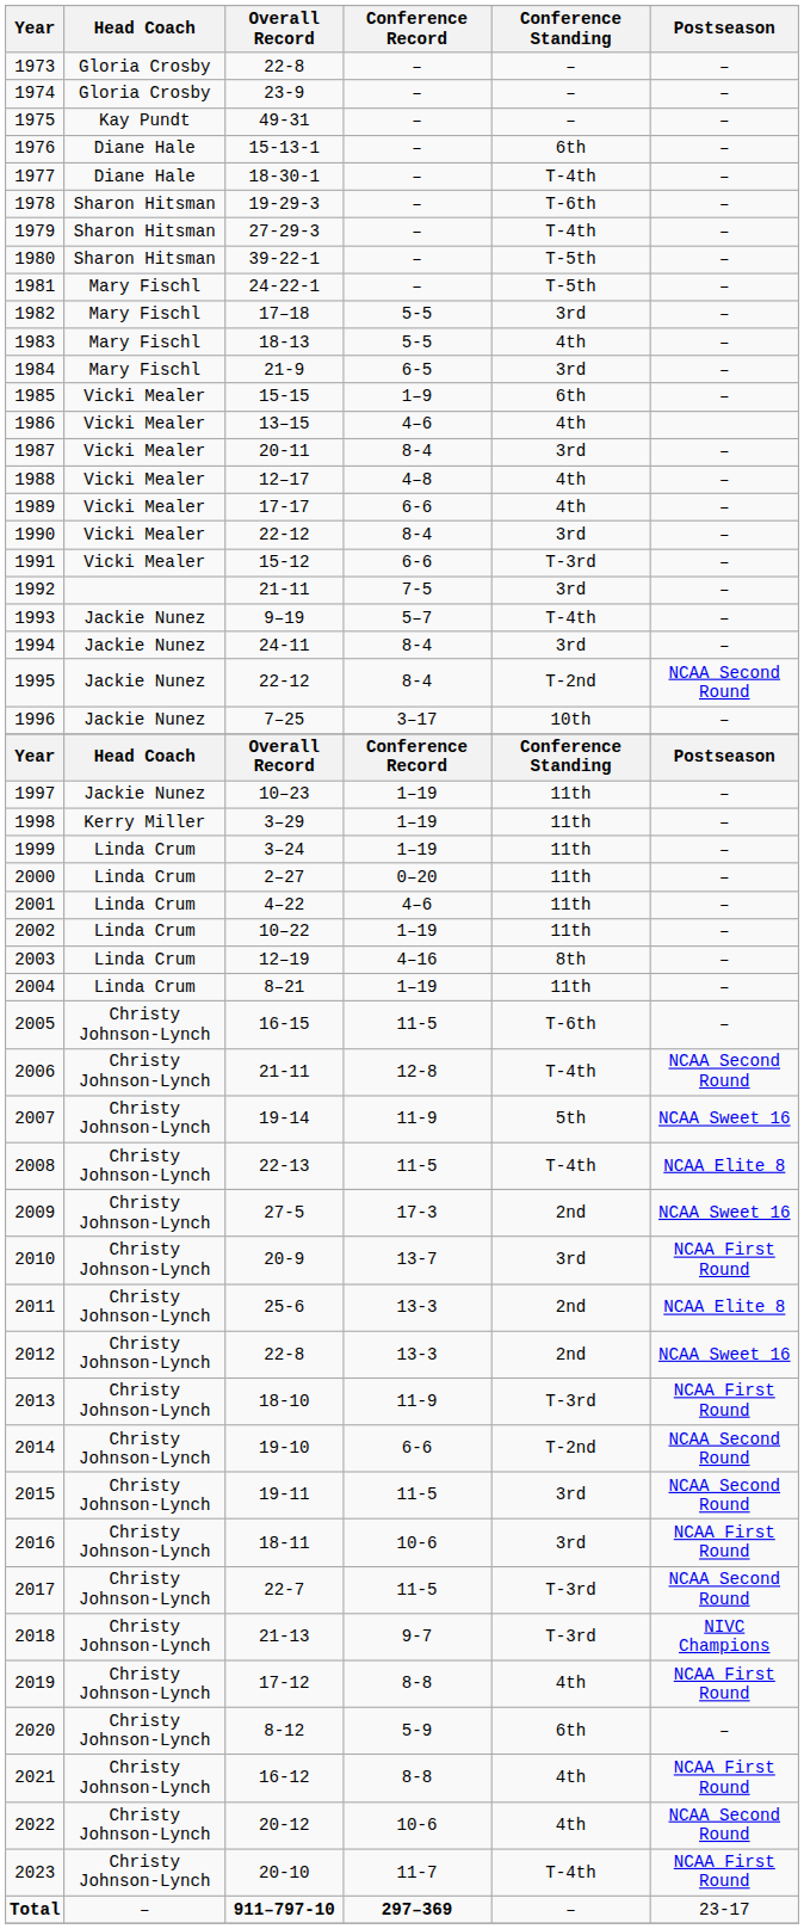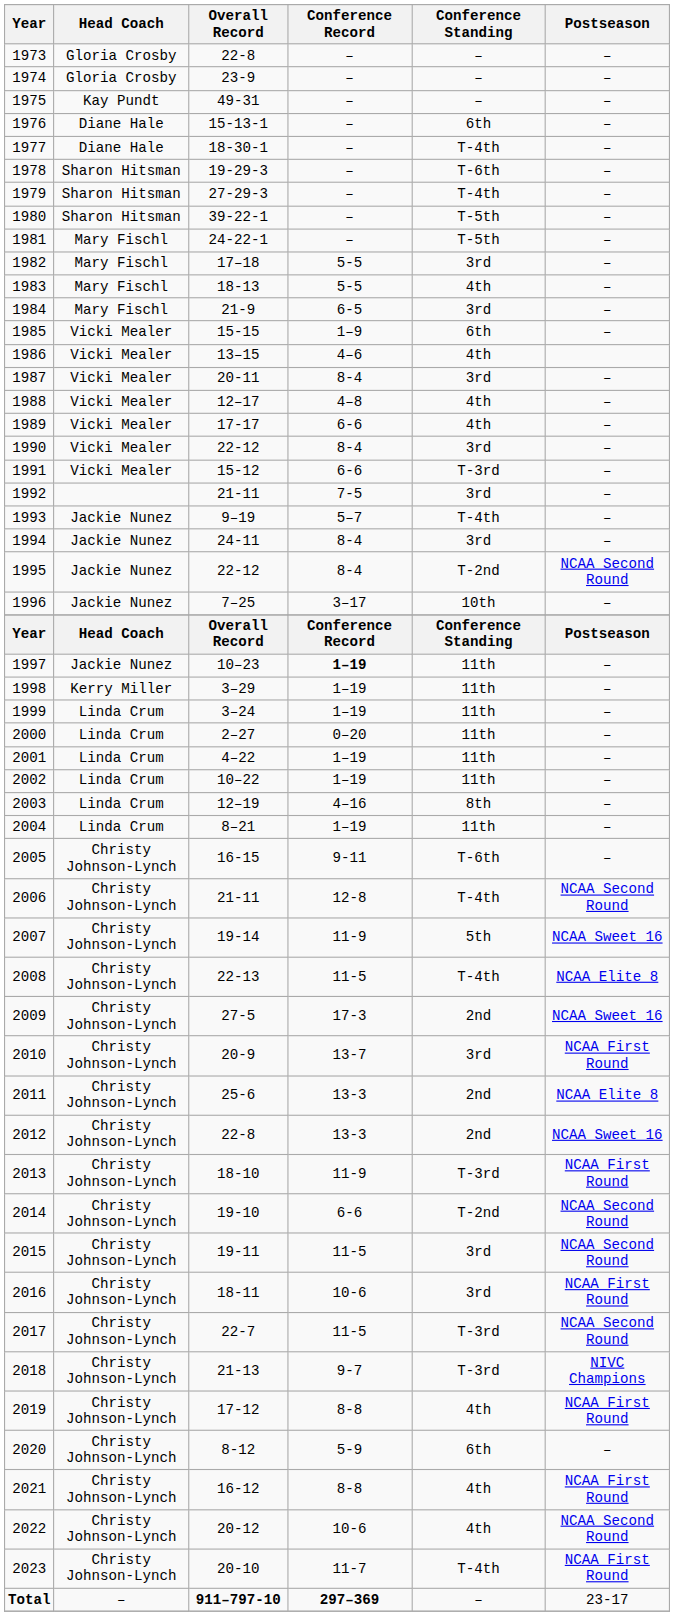 <table class="wikitable" style="text-align: center">
 <tr align=center>
 </tr>
 <tr>
 <th>Year</th>
 <th>Head Coach</th>
 <th>Overall Record</th>
 <th>Conference Record</th>
 <th>Conference Standing</th>
 <th>Postseason</th>
 </tr>
 <tr>
 <td>1973</td>
 <td>Gloria Crosby</td>
 <td>22-8</td>
 <td>–</td>
 <td>–</td>
 <td>–</td>
 </tr>
 <tr>
 <td>1974</td>
 <td>Gloria Crosby</td>
 <td>23-9</td>
 <td>–</td>
 <td>–</td>
 <td>–</td>
 </tr>
 <tr>
 <td>1975</td>
 <td>Kay Pundt</td>
 <td>49-31</td>
 <td>–</td>
 <td>–</td>
 <td>–</td>
 </tr>
 <tr>
 <td>1976</td>
 <td>Diane Hale</td>
 <td>15-13-1</td>
 <td>–</td>
 <td>6th</td>
 <td>–</td>
 </tr>
 <tr>
 <td>1977</td>
 <td>Diane Hale</td>
 <td>18-30-1</td>
 <td>–</td>
 <td>T-4th</td>
 <td>–</td>
 </tr>
 <tr>
 <td>1978</td>
 <td>Sharon Hitsman</td>
 <td>19-29-3</td>
 <td>–</td>
 <td>T-6th</td>
 <td>–</td>
 </tr>
 <tr>
 <td>1979</td>
 <td>Sharon Hitsman</td>
 <td>27-29-3</td>
 <td>–</td>
 <td>T-4th</td>
 <td>–</td>
 </tr>
 <tr>
 <td>1980</td>
 <td>Sharon Hitsman</td>
 <td>39-22-1</td>
 <td>–</td>
 <td>T-5th</td>
 <td>–</td>
 </tr>
 <tr>
 <td>1981</td>
 <td>Mary Fischl</td>
 <td>24-22-1</td>
 <td>–</td>
 <td>T-5th</td>
 <td>–</td>
 </tr>
 <tr>
 <td>1982</td>
 <td>Mary Fischl</td>
 <td>17–18</td>
 <td>5-5</td>
 <td>3rd</td>
 <td>–</td>
 </tr>
 <tr>
 <td>1983</td>
 <td>Mary Fischl</td>
 <td>18-13</td>
 <td>5-5</td>
 <td>4th</td>
 <td>–</td>
 </tr>
 <tr>
 <td>1984</td>
 <td>Mary Fischl</td>
 <td>21-9</td>
 <td>6-5</td>
 <td>3rd</td>
 <td>–</td>
 </tr>
 <tr>
 <td>1985</td>
 <td>Vicki Mealer</td>
 <td>15-15</td>
 <td>1–9</td>
 <td>6th</td>
 <td>–</td>
 </tr>
 <tr>
 <td>1986</td>
 <td>Vicki Mealer</td>
 <td>13–15</td>
 <td>4–6</td>
 <td>4th</td>
 <td></td>
 </tr>
 <tr>
 <td>1987</td>
 <td>Vicki Mealer</td>
 <td>20-11</td>
 <td>8-4</td>
 <td>3rd</td>
 <td>–</td>
 </tr>
 <tr>
 <td>1988</td>
 <td>Vicki Mealer</td>
 <td>12–17</td>
 <td>4–8</td>
 <td>4th</td>
 <td>–</td>
 </tr>
 <tr>
 <td>1989</td>
 <td>Vicki Mealer</td>
 <td>17-17</td>
 <td>6-6</td>
 <td>4th</td>
 <td>–</td>
 </tr>
 <tr>
 <td>1990</td>
 <td>Vicki Mealer</td>
 <td>22-12</td>
 <td>8-4</td>
 <td>3rd</td>
 <td>–</td>
 </tr>
 <tr>
 <td>1991</td>
 <td>Vicki Mealer</td>
 <td>15-12</td>
 <td>6-6</td>
 <td>T-3rd</td>
 <td>–</td>
 </tr>
 <tr>
 <td>1992</td>
 <td></td>
 <td>21-11</td>
 <td>7-5</td>
 <td>3rd</td>
 <td>–</td>
 </tr>
 <tr>
 <td>1993</td>
 <td>Jackie Nunez</td>
 <td>9–19</td>
 <td>5–7</td>
 <td>T-4th</td>
 <td>–</td>
 </tr>
 <tr>
 <td>1994</td>
 <td>Jackie Nunez</td>
 <td>24-11</td>
 <td>8-4</td>
 <td>3rd</td>
 <td>–</td>
 </tr>
 <tr>
 <td>1995</td>
 <td>Jackie Nunez</td>
 <td>22-12</td>
 <td>8-4</td>
 <td>T-2nd</td>
 <td><a href='#'>NCAA Second Round</a></td>
 </tr>
 <tr>
 <td>1996</td>
 <td>Jackie Nunez</td>
 <td>7–25</td>
 <td>3–17</td>
 <td>10th</td>
 <td>–</td>
 </tr>
 <tr>
 </tr>
 <tr>
 <th>Year</th>
 <th>Head Coach</th>
 <th>Overall Record</th>
 <th>Conference Record</th>
 <th>Conference Standing</th>
 <th>Postseason</th>
 </tr>
 <tr>
 <td>1997</td>
 <td>Jackie Nunez</td>
 <td>10–23</td>
-<td>1–19</td>
+<td><strong>1–19</strong></td>
 <td>11th</td>
 <td>–</td>
 </tr>
 <tr>
 <td>1998</td>
 <td>Kerry Miller</td>
 <td>3–29</td>
 <td>1–19</td>
 <td>11th</td>
 <td>–</td>
 </tr>
 <tr>
 <td>1999</td>
 <td>Linda Crum</td>
 <td>3–24</td>
 <td>1–19</td>
 <td>11th</td>
 <td>–</td>
 </tr>
 <tr>
 <td>2000</td>
 <td>Linda Crum</td>
 <td>2–27</td>
 <td>0–20</td>
 <td>11th</td>
 <td>–</td>
 </tr>
 <tr>
 <td>2001</td>
 <td>Linda Crum</td>
 <td>4–22</td>
-<td>4–6</td>
+<td>1–19</td>
 <td>11th</td>
 <td>–</td>
 </tr>
 <tr>
 <td>2002</td>
 <td>Linda Crum</td>
 <td>10–22</td>
 <td>1–19</td>
 <td>11th</td>
 <td>–</td>
 </tr>
 <tr>
 <td>2003</td>
 <td>Linda Crum</td>
 <td>12–19</td>
 <td>4–16</td>
 <td>8th</td>
 <td>–</td>
 </tr>
 <tr>
 <td>2004</td>
 <td>Linda Crum</td>
 <td>8–21</td>
 <td>1–19</td>
 <td>11th</td>
 <td>–</td>
 </tr>
 <tr>
 <td>2005</td>
 <td>Christy Johnson-Lynch</td>
 <td>16-15</td>
-<td>11-5</td>
+<td>9-11</td>
 <td>T-6th</td>
 <td>–</td>
 </tr>
 <tr>
 <td>2006</td>
 <td>Christy Johnson-Lynch</td>
 <td>21-11</td>
 <td>12-8</td>
 <td>T-4th</td>
 <td><a href='#'>NCAA Second Round</a></td>
 </tr>
 <tr>
 <td>2007</td>
 <td>Christy Johnson-Lynch</td>
 <td>19-14</td>
 <td>11-9</td>
 <td>5th</td>
 <td><a href='#'>NCAA Sweet 16</a></td>
 </tr>
 <tr>
 <td>2008</td>
 <td>Christy Johnson-Lynch</td>
 <td>22-13</td>
 <td>11-5</td>
 <td>T-4th</td>
 <td><a href='#'>NCAA Elite 8</a></td>
 </tr>
 <tr>
 <td>2009</td>
 <td>Christy Johnson-Lynch</td>
 <td>27-5</td>
 <td>17-3</td>
 <td>2nd</td>
 <td><a href='#'>NCAA Sweet 16</a></td>
 </tr>
 <tr>
 <td>2010</td>
 <td>Christy Johnson-Lynch</td>
 <td>20-9</td>
 <td>13-7</td>
 <td>3rd</td>
 <td><a href='#'>NCAA First Round</a></td>
 </tr>
 <tr>
 <td>2011</td>
 <td>Christy Johnson-Lynch</td>
 <td>25-6</td>
 <td>13-3</td>
 <td>2nd</td>
 <td><a href='#'>NCAA Elite 8</a></td>
 </tr>
 <tr>
 <td>2012</td>
 <td>Christy Johnson-Lynch</td>
 <td>22-8</td>
 <td>13-3</td>
 <td>2nd</td>
 <td><a href='#'>NCAA Sweet 16</a></td>
 </tr>
 <tr>
 <td>2013</td>
 <td>Christy Johnson-Lynch</td>
 <td>18-10</td>
 <td>11-9</td>
 <td>T-3rd</td>
 <td><a href='#'>NCAA First Round</a></td>
 </tr>
 <tr>
 <td>2014</td>
 <td>Christy Johnson-Lynch</td>
 <td>19-10</td>
 <td>6-6</td>
 <td>T-2nd</td>
 <td><a href='#'>NCAA Second Round</a></td>
 </tr>
 <tr>
 <td>2015</td>
 <td>Christy Johnson-Lynch</td>
 <td>19-11</td>
 <td>11-5</td>
 <td>3rd</td>
 <td><a href='#'>NCAA Second Round</a></td>
 </tr>
 <tr>
 <td>2016</td>
 <td>Christy Johnson-Lynch</td>
 <td>18-11</td>
 <td>10-6</td>
 <td>3rd</td>
 <td><a href='#'>NCAA First Round</a></td>
 </tr>
 <tr>
 <td>2017</td>
 <td>Christy Johnson-Lynch</td>
 <td>22-7</td>
 <td>11-5</td>
 <td>T-3rd</td>
 <td><a href='#'>NCAA Second Round</a></td>
 </tr>
 <tr>
 <td>2018</td>
 <td>Christy Johnson-Lynch</td>
 <td>21-13</td>
 <td>9-7</td>
 <td>T-3rd</td>
 <td><a href='#'>NIVC Champions</a></td>
 </tr>
 <tr>
 <td>2019</td>
 <td>Christy Johnson-Lynch</td>
 <td>17-12</td>
 <td>8-8</td>
 <td>4th</td>
 <td><a href='#'>NCAA First Round</a></td>
 </tr>
 <tr>
 <td>2020</td>
 <td>Christy Johnson-Lynch</td>
 <td>8-12</td>
 <td>5-9</td>
 <td>6th</td>
 <td>–</td>
 </tr>
 <tr>
 <td>2021</td>
 <td>Christy Johnson-Lynch</td>
 <td>16-12</td>
 <td>8-8</td>
 <td>4th</td>
 <td><a href='#'>NCAA First Round</a></td>
 </tr>
 <tr>
 <td>2022</td>
 <td>Christy Johnson-Lynch</td>
 <td>20-12</td>
 <td>10-6</td>
 <td>4th</td>
 <td><a href='#'>NCAA Second Round</a></td>
 </tr>
 <tr>
 <td>2023</td>
 <td>Christy Johnson-Lynch</td>
 <td>20-10</td>
 <td>11-7</td>
 <td>T-4th</td>
 <td><a href='#'>NCAA First Round</a></td>
 </tr>
 <tr>
 <td><strong>Total</strong></td>
 <td>–</td>
 <td><strong>911–797-10</strong></td>
 <td><strong>297–369</strong></td>
 <td>–</td>
 <td>23-17</td>
 </tr>
 <tr>
 </tr>
 </table>
